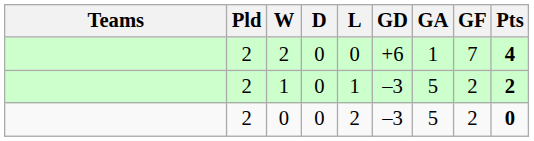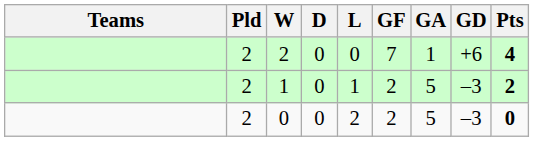 <table class="wikitable" style="text-align: center;">
 <tr>
 <th width=165>Teams</th>
 <th width=20>Pld</th>
 <th width=20>W</th>
 <th width=20>D</th>
 <th width=20>L</th>
+<th width=20>GF</th>
+<th width=20>GA</th>
 <th width=20>GD</th>
-<th width=20>GA</th>
-<th width=20>GF</th>
 <th width=20>Pts</th>
 </tr>
 <tr align=center style="background:#ccffcc;">
 <td style="text-align:left;"></td>
 <td>2</td>
 <td>2</td>
 <td>0</td>
 <td>0</td>
+<td>7</td>
+<td>1</td>
 <td>+6</td>
-<td>1</td>
-<td>7</td>
 <td><strong>4</strong></td>
 </tr>
 <tr align=center style="background:#ccffcc;">
 <td style="text-align:left;"></td>
 <td>2</td>
 <td>1</td>
 <td>0</td>
 <td>1</td>
+<td>2</td>
+<td>5</td>
 <td>–3</td>
-<td>5</td>
-<td>2</td>
 <td><strong>2</strong></td>
 </tr>
 <tr align=center>
 <td style="text-align:left;"></td>
 <td>2</td>
 <td>0</td>
 <td>0</td>
 <td>2</td>
+<td>2</td>
+<td>5</td>
 <td>–3</td>
-<td>5</td>
-<td>2</td>
 <td><strong>0</strong></td>
 </tr>
 </table>
